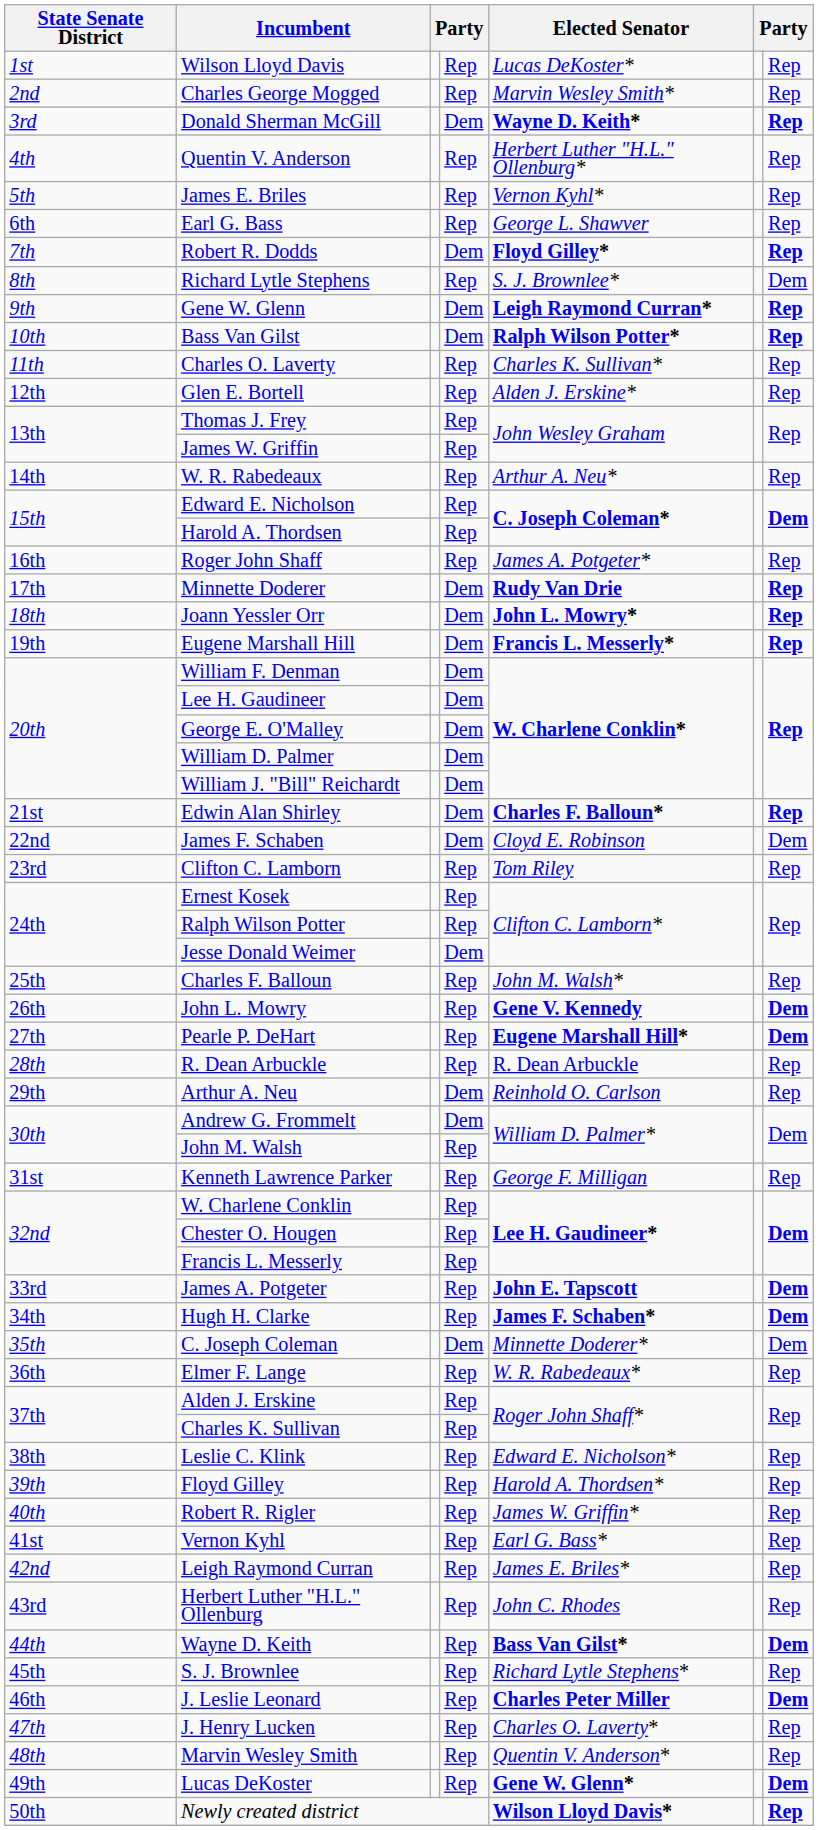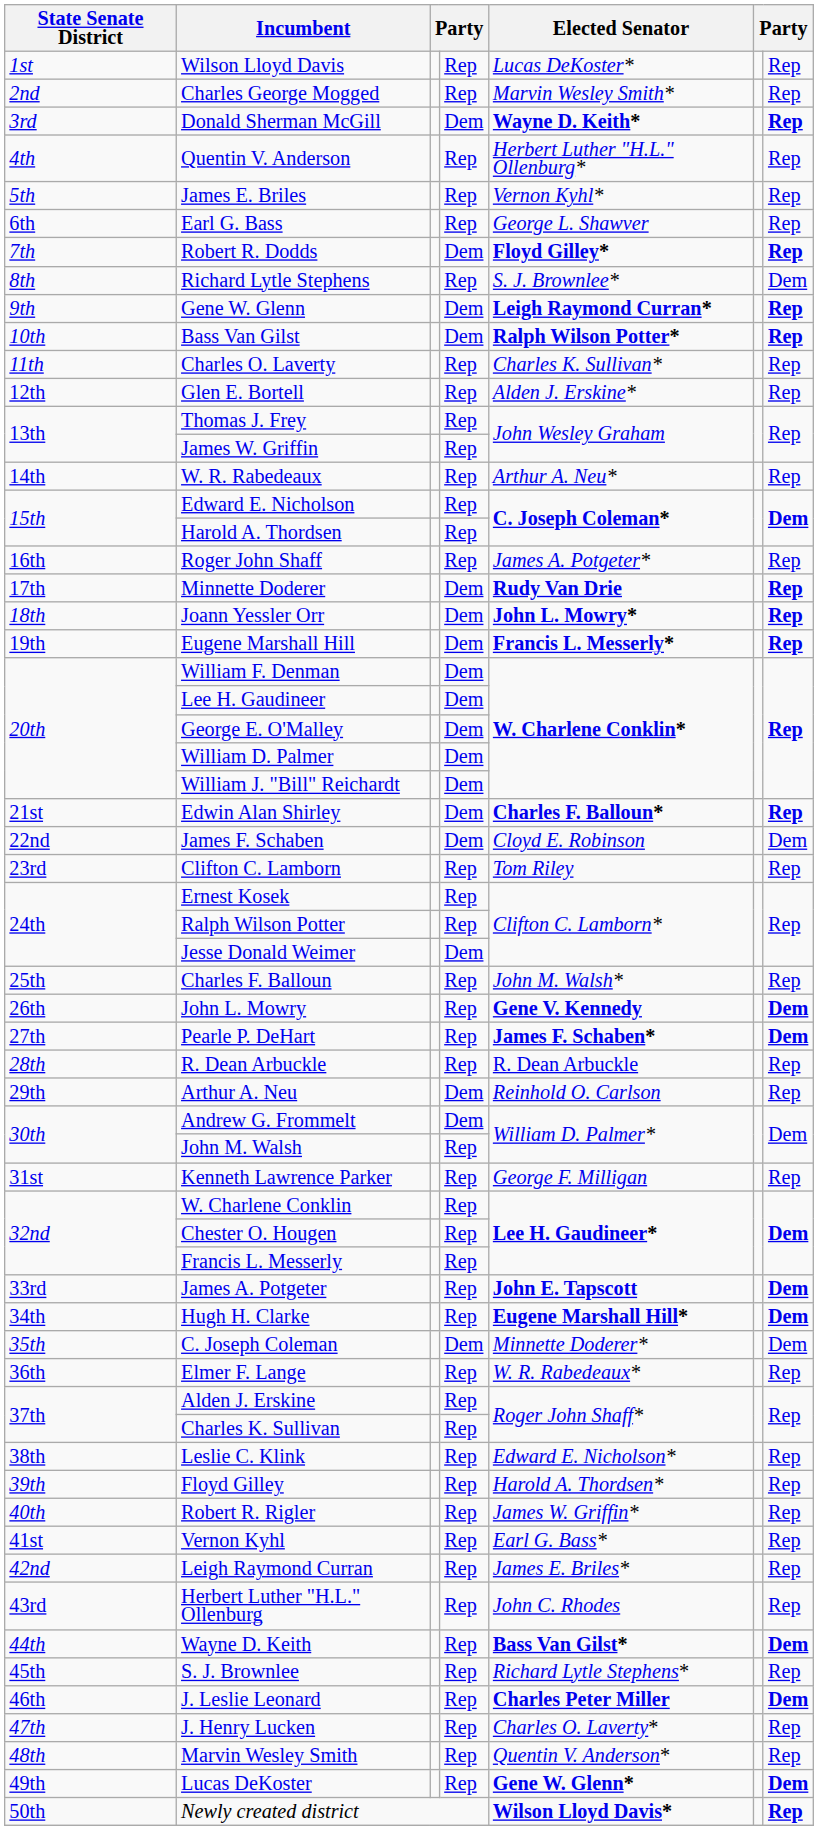 <table class="sortable wikitable" style="font-size:95%;line-height:14px;">
 <tr>
 <th class="unsortable"><a href='#'>State Senate</a> District</th>
 <th class="unsortable"><a href='#'>Incumbent</a></th>
 <th colspan="2">Party</th>
 <th class="unsortable">Elected Senator</th>
 <th colspan="2">Party</th>
 </tr>
 <tr>
 <td><em><a href='#'>1st</a></em></td>
 <td><a href='#'>Wilson Lloyd Davis</a></td>
 <td style="background:"></td>
 <td><a href='#'>Rep</a></td>
 <td><em><a href='#'>Lucas DeKoster</a>*</em></td>
 <td style="background:"></td>
 <td><a href='#'>Rep</a></td>
 </tr>
 <tr>
 <td><em><a href='#'>2nd</a></em></td>
 <td><a href='#'>Charles George Mogged</a></td>
 <td style="background:"></td>
 <td><a href='#'>Rep</a></td>
 <td><em><a href='#'>Marvin Wesley Smith</a>*</em></td>
 <td style="background:"></td>
 <td><a href='#'>Rep</a></td>
 </tr>
 <tr>
 <td><em><a href='#'>3rd</a></em></td>
 <td><a href='#'>Donald Sherman McGill</a></td>
 <td style="background:"></td>
 <td><a href='#'>Dem</a></td>
 <td><strong><a href='#'>Wayne D. Keith</a>*</strong></td>
 <td style="background:"></td>
 <td><strong><a href='#'>Rep</a></strong></td>
 </tr>
 <tr>
 <td><em><a href='#'>4th</a></em></td>
 <td><a href='#'>Quentin V. Anderson</a></td>
 <td style="background:"></td>
 <td><a href='#'>Rep</a></td>
 <td><em><a href='#'>Herbert Luther "H.L." Ollenburg</a>*</em></td>
 <td style="background:"></td>
 <td><a href='#'>Rep</a></td>
 </tr>
 <tr>
 <td><em><a href='#'>5th</a></em></td>
 <td><a href='#'>James E. Briles</a></td>
 <td style="background:"></td>
 <td><a href='#'>Rep</a></td>
 <td><em><a href='#'>Vernon Kyhl</a>*</em></td>
 <td style="background:"></td>
 <td><a href='#'>Rep</a></td>
 </tr>
 <tr>
 <td><a href='#'>6th</a></td>
 <td><a href='#'>Earl G. Bass</a></td>
 <td style="background:"></td>
 <td><a href='#'>Rep</a></td>
 <td><em><a href='#'>George L. Shawver</a></em></td>
 <td style="background:"></td>
 <td><a href='#'>Rep</a></td>
 </tr>
 <tr>
 <td><em><a href='#'>7th</a></em></td>
 <td><a href='#'>Robert R. Dodds</a></td>
 <td style="background:"></td>
 <td><a href='#'>Dem</a></td>
 <td><strong><a href='#'>Floyd Gilley</a>*</strong></td>
 <td style="background:"></td>
 <td><strong><a href='#'>Rep</a></strong></td>
 </tr>
 <tr>
 <td><em><a href='#'>8th</a></em></td>
 <td><a href='#'>Richard Lytle Stephens</a></td>
 <td style="background:"></td>
 <td><a href='#'>Rep</a></td>
 <td><em><a href='#'>S. J. Brownlee</a>*</em></td>
 <td style="background:"></td>
 <td><a href='#'>Dem</a></td>
 </tr>
 <tr>
 <td><em><a href='#'>9th</a></em></td>
 <td><a href='#'>Gene W. Glenn</a></td>
 <td style="background:"></td>
 <td><a href='#'>Dem</a></td>
 <td><strong><a href='#'>Leigh Raymond Curran</a>*</strong></td>
 <td style="background:"></td>
 <td><strong><a href='#'>Rep</a></strong></td>
 </tr>
 <tr>
 <td><em><a href='#'>10th</a></em></td>
 <td><a href='#'>Bass Van Gilst</a></td>
 <td style="background:"></td>
 <td><a href='#'>Dem</a></td>
 <td><strong><a href='#'>Ralph Wilson Potter</a>*</strong></td>
 <td style="background:"></td>
 <td><strong><a href='#'>Rep</a></strong></td>
 </tr>
 <tr>
 <td><em><a href='#'>11th</a></em></td>
 <td><a href='#'>Charles O. Laverty</a></td>
 <td style="background:"></td>
 <td><a href='#'>Rep</a></td>
 <td><em><a href='#'>Charles K. Sullivan</a>*</em></td>
 <td style="background:"></td>
 <td><a href='#'>Rep</a></td>
 </tr>
 <tr>
 <td><a href='#'>12th</a></td>
 <td><a href='#'>Glen E. Bortell</a></td>
 <td style="background:"></td>
 <td><a href='#'>Rep</a></td>
 <td><em><a href='#'>Alden J. Erskine</a>*</em></td>
 <td style="background:"></td>
 <td><a href='#'>Rep</a></td>
 </tr>
 <tr>
 <td rowspan="2"><a href='#'>13th</a></td>
 <td><a href='#'>Thomas J. Frey</a></td>
 <td style="background:"></td>
 <td><a href='#'>Rep</a></td>
 <td rowspan="2"><em><a href='#'>John Wesley Graham</a></em></td>
 <td rowspan="2" style="background:"></td>
 <td rowspan="2"><a href='#'>Rep</a></td>
 </tr>
 <tr>
 <td><a href='#'>James W. Griffin</a></td>
 <td style="background:"></td>
 <td><a href='#'>Rep</a></td>
 </tr>
 <tr>
 <td><a href='#'>14th</a></td>
 <td><a href='#'>W. R. Rabedeaux</a></td>
 <td style="background:"></td>
 <td><a href='#'>Rep</a></td>
 <td><em><a href='#'>Arthur A. Neu</a>*</em></td>
 <td style="background:"></td>
 <td><a href='#'>Rep</a></td>
 </tr>
 <tr>
 <td rowspan="2"><em><a href='#'>15th</a></em></td>
 <td><a href='#'>Edward E. Nicholson</a></td>
 <td style="background:"></td>
 <td><a href='#'>Rep</a></td>
 <td rowspan="2"><strong><a href='#'>C. Joseph Coleman</a>*</strong></td>
 <td rowspan="2" style="background:"></td>
 <td rowspan="2"><strong><a href='#'>Dem</a></strong></td>
 </tr>
 <tr>
 <td><a href='#'>Harold A. Thordsen</a></td>
 <td style="background:"></td>
 <td><a href='#'>Rep</a></td>
 </tr>
 <tr>
 <td><a href='#'>16th</a></td>
 <td><a href='#'>Roger John Shaff</a></td>
 <td style="background:"></td>
 <td><a href='#'>Rep</a></td>
 <td><em><a href='#'>James A. Potgeter</a>*</em></td>
 <td style="background:"></td>
 <td><a href='#'>Rep</a></td>
 </tr>
 <tr>
 <td><a href='#'>17th</a></td>
 <td><a href='#'>Minnette Doderer</a></td>
 <td style="background:"></td>
 <td><a href='#'>Dem</a></td>
 <td><strong><a href='#'>Rudy Van Drie</a></strong></td>
 <td style="background:"></td>
 <td><strong><a href='#'>Rep</a></strong></td>
 </tr>
 <tr>
 <td><em><a href='#'>18th</a></em></td>
 <td><a href='#'>Joann Yessler Orr</a></td>
 <td style="background:"></td>
 <td><a href='#'>Dem</a></td>
 <td><strong><a href='#'>John L. Mowry</a>*</strong></td>
 <td style="background:"></td>
 <td><strong><a href='#'>Rep</a></strong></td>
 </tr>
 <tr>
 <td><a href='#'>19th</a></td>
 <td><a href='#'>Eugene Marshall Hill</a></td>
 <td style="background:"></td>
 <td><a href='#'>Dem</a></td>
 <td><strong><a href='#'>Francis L. Messerly</a>*</strong></td>
 <td style="background:"></td>
 <td><strong><a href='#'>Rep</a></strong></td>
 </tr>
 <tr>
 <td rowspan="5"><em><a href='#'>20th</a></em></td>
 <td><a href='#'>William F. Denman</a></td>
 <td style="background:"></td>
 <td><a href='#'>Dem</a></td>
 <td rowspan="5"><strong><a href='#'>W. Charlene Conklin</a>*</strong></td>
 <td rowspan="5" style="background:"></td>
 <td rowspan="5"><strong><a href='#'>Rep</a></strong></td>
 </tr>
 <tr>
 <td><a href='#'>Lee H. Gaudineer</a></td>
 <td style="background:"></td>
 <td><a href='#'>Dem</a></td>
 </tr>
 <tr>
 <td><a href='#'>George E. O'Malley</a></td>
 <td style="background:"></td>
 <td><a href='#'>Dem</a></td>
 </tr>
 <tr>
 <td><a href='#'>William D. Palmer</a></td>
 <td style="background:"></td>
 <td><a href='#'>Dem</a></td>
 </tr>
 <tr>
 <td><a href='#'>William J. "Bill" Reichardt</a></td>
 <td style="background:"></td>
 <td><a href='#'>Dem</a></td>
 </tr>
 <tr>
 <td><a href='#'>21st</a></td>
 <td><a href='#'>Edwin Alan Shirley</a></td>
 <td style="background:"></td>
 <td><a href='#'>Dem</a></td>
 <td><strong><a href='#'>Charles F. Balloun</a>*</strong></td>
 <td style="background:"></td>
 <td><strong><a href='#'>Rep</a></strong></td>
 </tr>
 <tr>
 <td><a href='#'>22nd</a></td>
 <td><a href='#'>James F. Schaben</a></td>
 <td style="background:"></td>
 <td><a href='#'>Dem</a></td>
 <td><em><a href='#'>Cloyd E. Robinson</a></em></td>
 <td style="background:"></td>
 <td><a href='#'>Dem</a></td>
 </tr>
 <tr>
 <td><a href='#'>23rd</a></td>
 <td><a href='#'>Clifton C. Lamborn</a></td>
 <td style="background:"></td>
 <td><a href='#'>Rep</a></td>
 <td><em><a href='#'>Tom Riley</a></em></td>
 <td style="background:"></td>
 <td><a href='#'>Rep</a></td>
 </tr>
 <tr>
 <td rowspan="3"><a href='#'>24th</a></td>
 <td><a href='#'>Ernest Kosek</a></td>
 <td style="background:"></td>
 <td><a href='#'>Rep</a></td>
 <td rowspan="3"><em><a href='#'>Clifton C. Lamborn</a>*</em></td>
 <td rowspan="3" style="background:"></td>
 <td rowspan="3"><a href='#'>Rep</a></td>
 </tr>
 <tr>
 <td><a href='#'>Ralph Wilson Potter</a></td>
 <td style="background:"></td>
 <td><a href='#'>Rep</a></td>
 </tr>
 <tr>
 <td><a href='#'>Jesse Donald Weimer</a></td>
 <td style="background:"></td>
 <td><a href='#'>Dem</a></td>
 </tr>
 <tr>
 <td><a href='#'>25th</a></td>
 <td><a href='#'>Charles F. Balloun</a></td>
 <td style="background:"></td>
 <td><a href='#'>Rep</a></td>
 <td><em><a href='#'>John M. Walsh</a>*</em></td>
 <td style="background:"></td>
 <td><a href='#'>Rep</a></td>
 </tr>
 <tr>
 <td><a href='#'>26th</a></td>
 <td><a href='#'>John L. Mowry</a></td>
 <td style="background:"></td>
 <td><a href='#'>Rep</a></td>
 <td><strong><a href='#'>Gene V. Kennedy</a></strong></td>
 <td style="background:"></td>
 <td><strong><a href='#'>Dem</a></strong></td>
 </tr>
 <tr>
 <td><a href='#'>27th</a></td>
 <td><a href='#'>Pearle P. DeHart</a></td>
 <td style="background:"></td>
 <td><a href='#'>Rep</a></td>
-<td><strong><a href='#'>Eugene Marshall Hill</a>*</strong></td>
+<td><strong><a href='#'>James F. Schaben</a>*</strong></td>
 <td style="background:"></td>
 <td><strong><a href='#'>Dem</a></strong></td>
 </tr>
 <tr>
 <td><em><a href='#'>28th</a></em></td>
 <td><a href='#'>R. Dean Arbuckle</a></td>
 <td style="background:"></td>
 <td><a href='#'>Rep</a></td>
 <td><a href='#'>R. Dean Arbuckle</a></td>
 <td style="background:"></td>
 <td><a href='#'>Rep</a></td>
 </tr>
 <tr>
 <td><a href='#'>29th</a></td>
 <td><a href='#'>Arthur A. Neu</a></td>
 <td style="background:"></td>
 <td><a href='#'>Dem</a></td>
 <td><em><a href='#'>Reinhold O. Carlson</a></em></td>
 <td style="background:"></td>
 <td><a href='#'>Rep</a></td>
 </tr>
 <tr>
 <td rowspan="2"><em><a href='#'>30th</a></em></td>
 <td><a href='#'>Andrew G. Frommelt</a></td>
 <td style="background:"></td>
 <td><a href='#'>Dem</a></td>
 <td rowspan="2"><em><a href='#'>William D. Palmer</a>*</em></td>
 <td rowspan="2" style="background:"></td>
 <td rowspan="2"><a href='#'>Dem</a></td>
 </tr>
 <tr>
 <td><a href='#'>John M. Walsh</a></td>
 <td style="background:"></td>
 <td><a href='#'>Rep</a></td>
 </tr>
 <tr>
 <td><a href='#'>31st</a></td>
 <td><a href='#'>Kenneth Lawrence Parker</a></td>
 <td style="background:"></td>
 <td><a href='#'>Rep</a></td>
 <td><em><a href='#'>George F. Milligan</a></em></td>
 <td style="background:"></td>
 <td><a href='#'>Rep</a></td>
 </tr>
 <tr>
 <td rowspan="3"><em><a href='#'>32nd</a></em></td>
 <td><a href='#'>W. Charlene Conklin</a></td>
 <td style="background:"></td>
 <td><a href='#'>Rep</a></td>
 <td rowspan="3"><strong><a href='#'>Lee H. Gaudineer</a>*</strong></td>
 <td rowspan="3" style="background:"></td>
 <td rowspan="3"><strong><a href='#'>Dem</a></strong></td>
 </tr>
 <tr>
 <td><a href='#'>Chester O. Hougen</a></td>
 <td style="background:"></td>
 <td><a href='#'>Rep</a></td>
 </tr>
 <tr>
 <td><a href='#'>Francis L. Messerly</a></td>
 <td style="background:"></td>
 <td><a href='#'>Rep</a></td>
 </tr>
 <tr>
 <td><a href='#'>33rd</a></td>
 <td><a href='#'>James A. Potgeter</a></td>
 <td style="background:"></td>
 <td><a href='#'>Rep</a></td>
 <td><strong><a href='#'>John E. Tapscott</a></strong></td>
 <td style="background:"></td>
 <td><strong><a href='#'>Dem</a></strong></td>
 </tr>
 <tr>
 <td><a href='#'>34th</a></td>
 <td><a href='#'>Hugh H. Clarke</a></td>
 <td style="background:"></td>
 <td><a href='#'>Rep</a></td>
-<td><strong><a href='#'>James F. Schaben</a>*</strong></td>
+<td><strong><a href='#'>Eugene Marshall Hill</a>*</strong></td>
 <td style="background:"></td>
 <td><strong><a href='#'>Dem</a></strong></td>
 </tr>
 <tr>
 <td><em><a href='#'>35th</a></em></td>
 <td><a href='#'>C. Joseph Coleman</a></td>
 <td style="background:"></td>
 <td><a href='#'>Dem</a></td>
 <td><em><a href='#'>Minnette Doderer</a>*</em></td>
 <td style="background:"></td>
 <td><a href='#'>Dem</a></td>
 </tr>
 <tr>
 <td><a href='#'>36th</a></td>
 <td><a href='#'>Elmer F. Lange</a></td>
 <td style="background:"></td>
 <td><a href='#'>Rep</a></td>
 <td><em><a href='#'>W. R. Rabedeaux</a>*</em></td>
 <td style="background:"></td>
 <td><a href='#'>Rep</a></td>
 </tr>
 <tr>
 <td rowspan="2"><a href='#'>37th</a></td>
 <td><a href='#'>Alden J. Erskine</a></td>
 <td style="background:"></td>
 <td><a href='#'>Rep</a></td>
 <td rowspan="2"><em><a href='#'>Roger John Shaff</a>*</em></td>
 <td rowspan="2" style="background:"></td>
 <td rowspan="2"><a href='#'>Rep</a></td>
 </tr>
 <tr>
 <td><a href='#'>Charles K. Sullivan</a></td>
 <td style="background:"></td>
 <td><a href='#'>Rep</a></td>
 </tr>
 <tr>
 <td><a href='#'>38th</a></td>
 <td><a href='#'>Leslie C. Klink</a></td>
 <td style="background:"></td>
 <td><a href='#'>Rep</a></td>
 <td><em><a href='#'>Edward E. Nicholson</a>*</em></td>
 <td style="background:"></td>
 <td><a href='#'>Rep</a></td>
 </tr>
 <tr>
 <td><em><a href='#'>39th</a></em></td>
 <td><a href='#'>Floyd Gilley</a></td>
 <td style="background:"></td>
 <td><a href='#'>Rep</a></td>
 <td><em><a href='#'>Harold A. Thordsen</a>*</em></td>
 <td style="background:"></td>
 <td><a href='#'>Rep</a></td>
 </tr>
 <tr>
 <td><em><a href='#'>40th</a></em></td>
 <td><a href='#'>Robert R. Rigler</a></td>
 <td style="background:"></td>
 <td><a href='#'>Rep</a></td>
 <td><em><a href='#'>James W. Griffin</a>*</em></td>
 <td style="background:"></td>
 <td><a href='#'>Rep</a></td>
 </tr>
 <tr>
 <td><a href='#'>41st</a></td>
 <td><a href='#'>Vernon Kyhl</a></td>
 <td style="background:"></td>
 <td><a href='#'>Rep</a></td>
 <td><em><a href='#'>Earl G. Bass</a>*</em></td>
 <td style="background:"></td>
 <td><a href='#'>Rep</a></td>
 </tr>
 <tr>
 <td><em><a href='#'>42nd</a></em></td>
 <td><a href='#'>Leigh Raymond Curran</a></td>
 <td style="background:"></td>
 <td><a href='#'>Rep</a></td>
 <td><em><a href='#'>James E. Briles</a>*</em></td>
 <td style="background:"></td>
 <td><a href='#'>Rep</a></td>
 </tr>
 <tr>
 <td><a href='#'>43rd</a></td>
 <td><a href='#'>Herbert Luther "H.L." Ollenburg</a></td>
 <td style="background:"></td>
 <td><a href='#'>Rep</a></td>
 <td><em><a href='#'>John C. Rhodes</a></em></td>
 <td style="background:"></td>
 <td><a href='#'>Rep</a></td>
 </tr>
 <tr>
 <td><em><a href='#'>44th</a></em></td>
 <td><a href='#'>Wayne D. Keith</a></td>
 <td style="background:"></td>
 <td><a href='#'>Rep</a></td>
 <td><strong><a href='#'>Bass Van Gilst</a>*</strong></td>
 <td style="background:"></td>
 <td><strong><a href='#'>Dem</a></strong></td>
 </tr>
 <tr>
 <td><a href='#'>45th</a></td>
 <td><a href='#'>S. J. Brownlee</a></td>
 <td style="background:"></td>
 <td><a href='#'>Rep</a></td>
 <td><em><a href='#'>Richard Lytle Stephens</a></em>*</td>
 <td style="background:"></td>
 <td><a href='#'>Rep</a></td>
 </tr>
 <tr>
 <td><a href='#'>46th</a></td>
 <td><a href='#'>J. Leslie Leonard</a></td>
 <td style="background:"></td>
 <td><a href='#'>Rep</a></td>
 <td><strong><a href='#'>Charles Peter Miller</a></strong></td>
 <td style="background:"></td>
 <td><strong><a href='#'>Dem</a></strong></td>
 </tr>
 <tr>
 <td><em><a href='#'>47th</a></em></td>
 <td><a href='#'>J. Henry Lucken</a></td>
 <td style="background:"></td>
 <td><a href='#'>Rep</a></td>
 <td><em><a href='#'>Charles O. Laverty</a></em>*</td>
 <td style="background:"></td>
 <td><a href='#'>Rep</a></td>
 </tr>
 <tr>
 <td><em><a href='#'>48th</a></em></td>
 <td><a href='#'>Marvin Wesley Smith</a></td>
 <td style="background:"></td>
 <td><a href='#'>Rep</a></td>
 <td><em><a href='#'>Quentin V. Anderson</a></em>*</td>
 <td style="background:"></td>
 <td><a href='#'>Rep</a></td>
 </tr>
 <tr>
 <td><a href='#'>49th</a></td>
 <td><a href='#'>Lucas DeKoster</a></td>
 <td style="background:"></td>
 <td><a href='#'>Rep</a></td>
 <td><strong><a href='#'>Gene W. Glenn</a>*</strong></td>
 <td style="background:"></td>
 <td><strong><a href='#'>Dem</a></strong></td>
 </tr>
 <tr>
 <td><a href='#'>50th</a></td>
 <td colspan="3" ><em>Newly created district</em></td>
 <td><strong><a href='#'>Wilson Lloyd Davis</a>*</strong></td>
 <td style="background:"></td>
 <td><strong><a href='#'>Rep</a></strong></td>
 </tr>
 <tr>
 </tr>
 </table>
